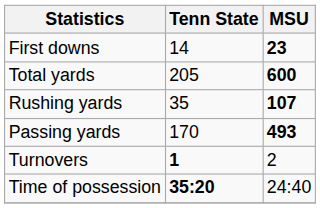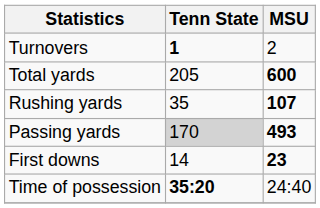 <table class="wikitable" style="float: left;">
 <tr>
 <th>Statistics</th>
 <th>Tenn State</th>
 <th>MSU</th>
 </tr>
 <tr>
-<td>First downs</td>
-<td>14</td>
-<td><strong>23</strong></td>
+<td>Turnovers</td>
+<td><strong>1</strong></td>
+<td>2</td>
 </tr>
 <tr>
 <td>Total yards</td>
 <td>205</td>
 <td><strong>600</strong></td>
 </tr>
 <tr>
 <td>Rushing yards</td>
 <td>35</td>
 <td><strong>107</strong></td>
 </tr>
 <tr>
 <td>Passing yards</td>
-<td>170</td>
+<td style="background: lightgrey;">170</td>
 <td><strong>493</strong></td>
 </tr>
 <tr>
-<td>Turnovers</td>
-<td><strong>1</strong></td>
-<td>2</td>
+<td>First downs</td>
+<td>14</td>
+<td><strong>23</strong></td>
 </tr>
 <tr>
 <td>Time of possession</td>
 <td><strong>35:20</strong></td>
 <td>24:40</td>
 </tr>
 <tr>
 </tr>
 </table>
